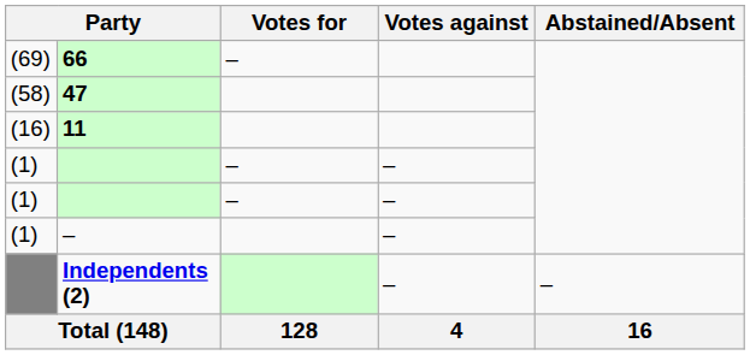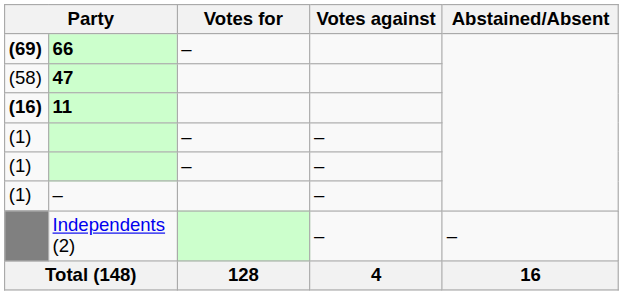 <table class="wikitable" style="width:60%">
 <tr>
 <th style="width:20%;" colspan="2">Party</th>
 <th style="width:20%;">Votes for</th>
 <th style="width:20%;">Votes against</th>
 <th style="width:20%;">Abstained/Absent</th>
 </tr>
 <tr>
-<td> (69)</td>
+<td><strong> (69)</strong></td>
 <td style="background-color:#CCFFCC;"><strong>66</strong></td>
 <td>–</td>
 <td></td>
 </tr>
 <tr>
 <td> (58)</td>
 <td style="background-color:#CCFFCC;"><strong>47</strong></td>
 <td></td>
 <td></td>
 </tr>
 <tr>
-<td> (16)</td>
+<td><strong> (16)</strong></td>
 <td style="background-color:#CCFFCC;"><strong>11</strong></td>
 <td></td>
 <td></td>
 </tr>
 <tr>
 <td> (1)</td>
 <td style="background-color:#CCFFCC;"></td>
 <td>–</td>
 <td>–</td>
 </tr>
 <tr>
 <td> (1)</td>
 <td style="background-color:#CCFFCC;"></td>
 <td>–</td>
 <td>–</td>
 </tr>
 <tr>
 <td> (1)</td>
 <td>–</td>
 <td></td>
 <td>–</td>
 </tr>
 <tr>
 <td style="background:grey;"></td>
-<td align=left><strong><a href='#'>Independents</a> (2)</strong></td>
+<td align=left><a href='#'>Independents</a> (2)</td>
 <td style="background-color:#CCFFCC;"></td>
 <td>–</td>
 <td>–</td>
 </tr>
 <tr>
 <th colspan=2>Total (148)</th>
 <th>128</th>
 <th>4</th>
 <th>16</th>
 </tr>
 </table>
